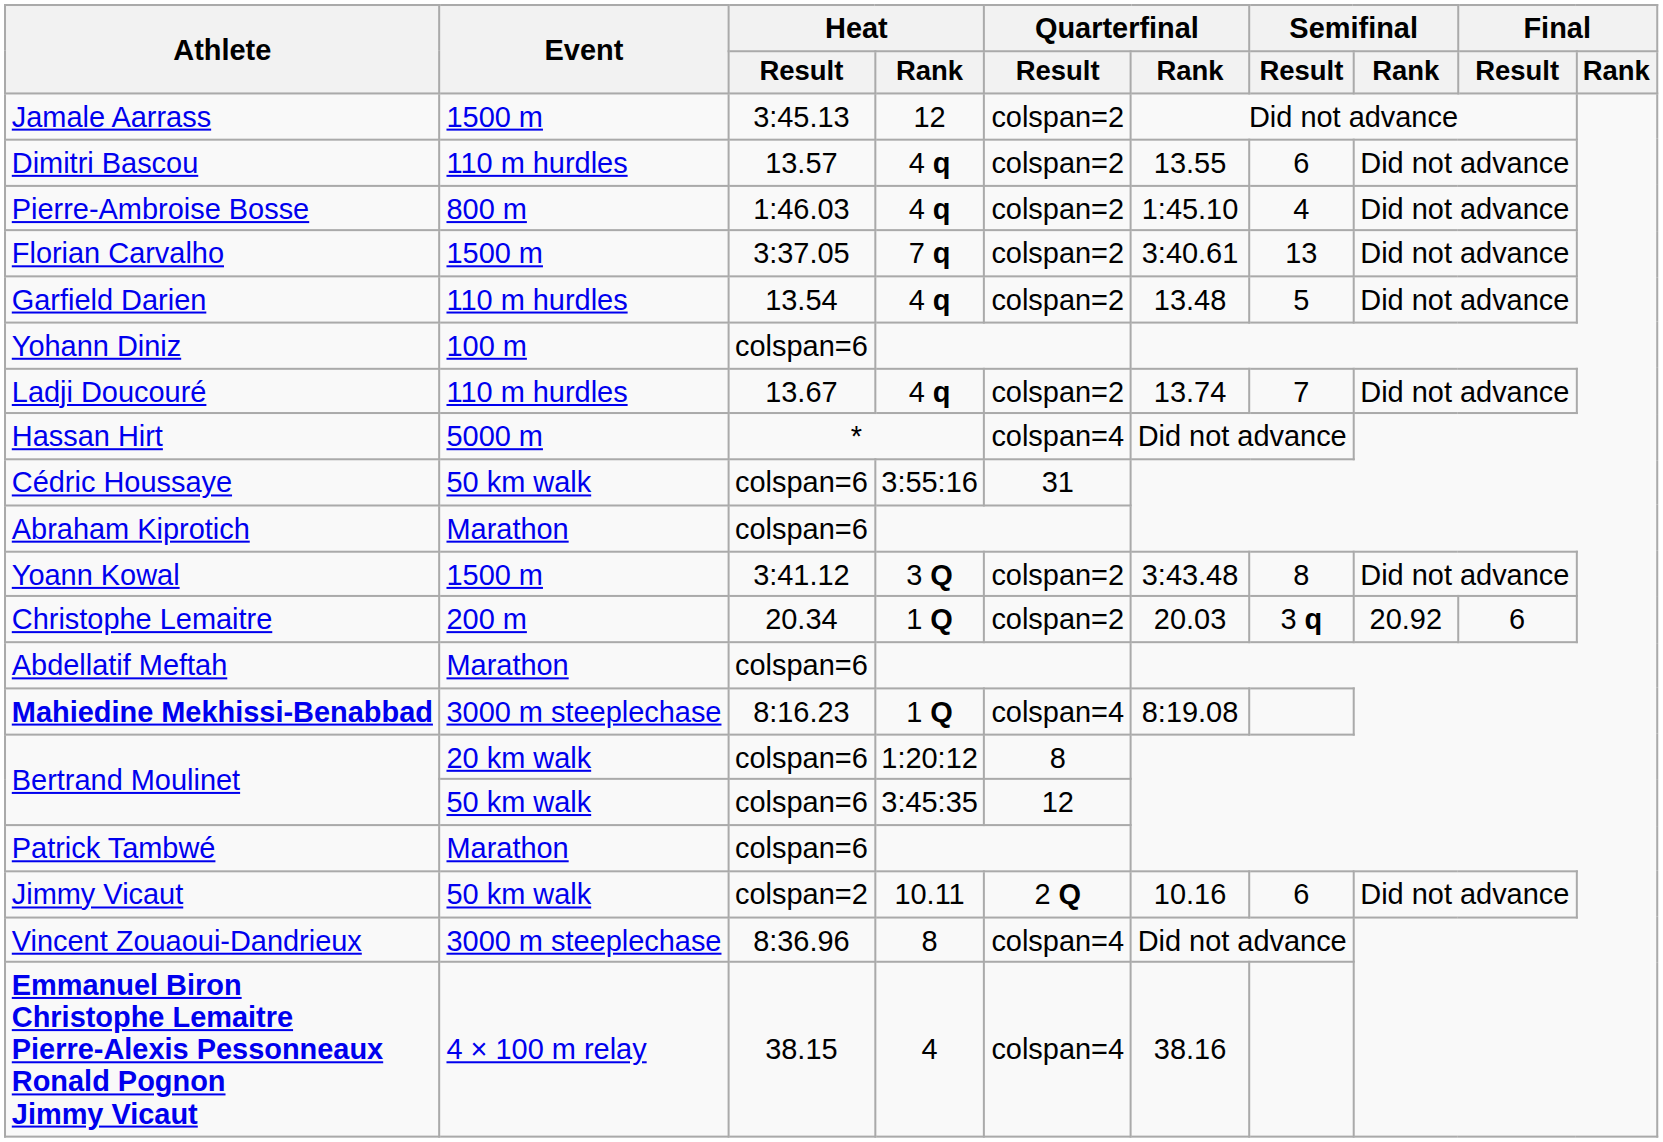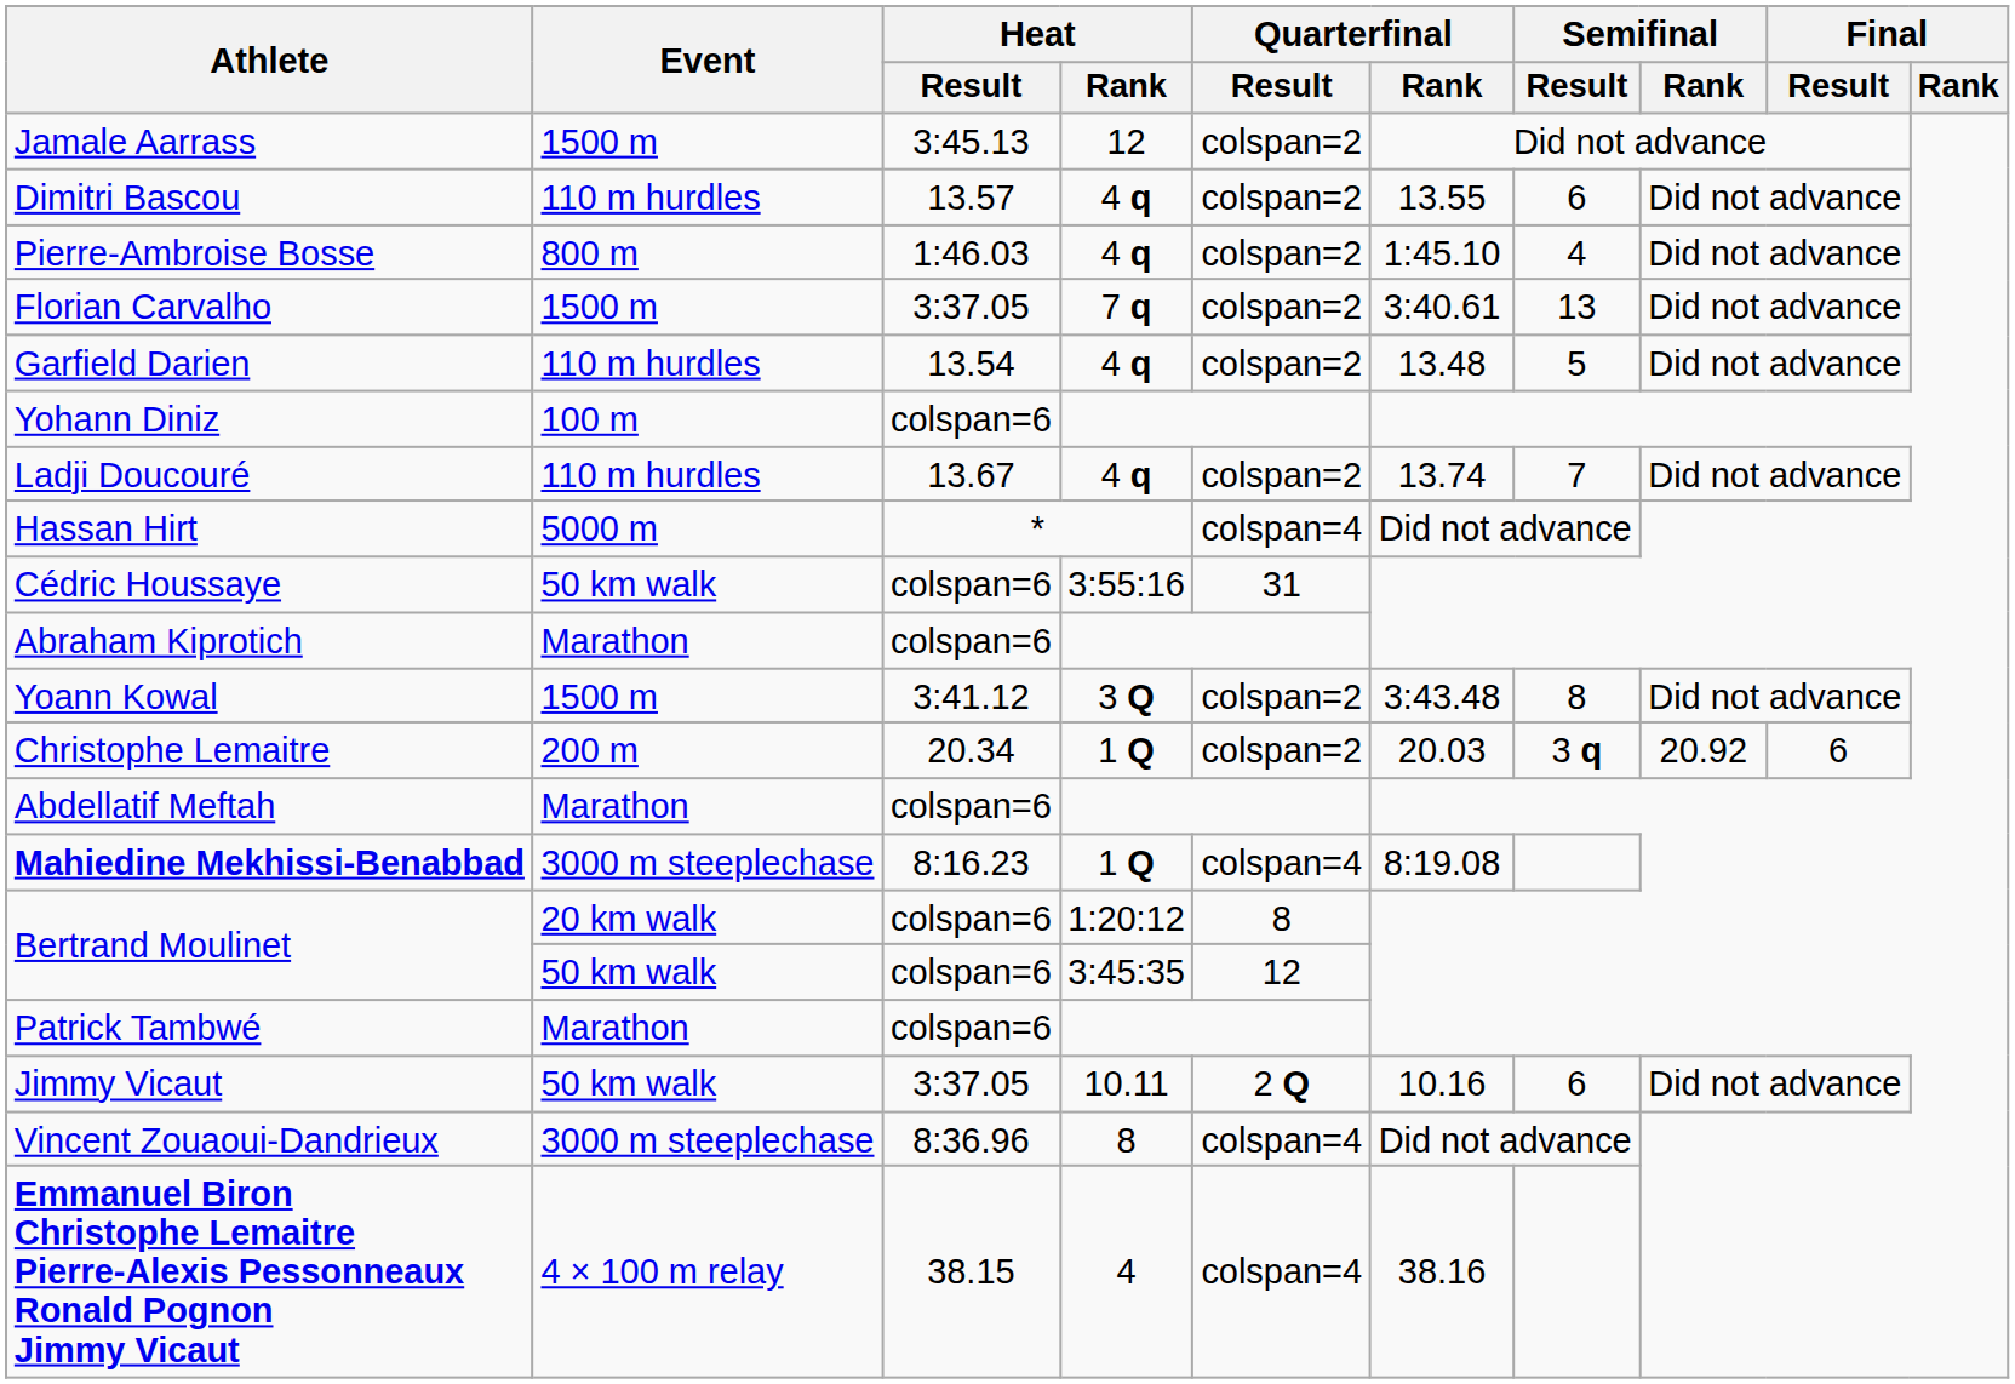 <table class="wikitable" style="font-size:90%">
 <tr>
 <th rowspan="2">Athlete</th>
 <th rowspan="2">Event</th>
 <th colspan="2">Heat</th>
 <th colspan="2">Quarterfinal</th>
 <th colspan="2">Semifinal</th>
 <th colspan="2">Final</th>
 </tr>
 <tr style="font-size:95%">
 <th>Result</th>
 <th>Rank</th>
 <th>Result</th>
 <th>Rank</th>
 <th>Result</th>
 <th>Rank</th>
 <th>Result</th>
 <th>Rank</th>
 </tr>
 <tr align=center>
 <td align=left><a href='#'>Jamale Aarrass</a></td>
 <td align=left><a href='#'>1500 m</a></td>
 <td>3:45.13</td>
 <td>12</td>
 <td>colspan=2 </td>
 <td colspan=4>Did not advance</td>
 </tr>
 <tr align=center>
 <td align=left><a href='#'>Dimitri Bascou</a></td>
 <td align=left><a href='#'>110 m hurdles</a></td>
 <td>13.57</td>
 <td>4 <strong>q</strong></td>
 <td>colspan=2 </td>
 <td>13.55</td>
 <td>6</td>
 <td colspan=2>Did not advance</td>
 </tr>
 <tr align=center>
 <td align=left><a href='#'>Pierre-Ambroise Bosse</a></td>
 <td align=left><a href='#'>800 m</a></td>
 <td>1:46.03</td>
 <td>4 <strong>q</strong></td>
 <td>colspan=2 </td>
 <td>1:45.10</td>
 <td>4</td>
 <td colspan=2>Did not advance</td>
 </tr>
 <tr align=center>
 <td align=left><a href='#'>Florian Carvalho</a></td>
 <td align=left><a href='#'>1500 m</a></td>
 <td>3:37.05</td>
 <td>7 <strong>q</strong></td>
 <td>colspan=2 </td>
 <td>3:40.61</td>
 <td>13</td>
 <td colspan=2>Did not advance</td>
 </tr>
 <tr align=center>
 <td align=left><a href='#'>Garfield Darien</a></td>
 <td align=left><a href='#'>110 m hurdles</a></td>
 <td>13.54</td>
 <td>4 <strong>q</strong></td>
 <td>colspan=2 </td>
 <td>13.48</td>
 <td>5</td>
 <td colspan=2>Did not advance</td>
 </tr>
 <tr align=center>
 <td align=left><a href='#'>Yohann Diniz</a></td>
 <td align=left><a href='#'>100 m</a></td>
 <td>colspan=6 </td>
 <td colspan=2></td>
 </tr>
 <tr align=center>
 <td align=left><a href='#'>Ladji Doucouré</a></td>
 <td align=left><a href='#'>110 m hurdles</a></td>
 <td>13.67</td>
 <td>4 <strong>q</strong></td>
 <td>colspan=2 </td>
 <td>13.74</td>
 <td>7</td>
 <td colspan=2>Did not advance</td>
 </tr>
 <tr align=center>
 <td align=left><a href='#'>Hassan Hirt</a></td>
 <td align=left><a href='#'>5000 m</a></td>
 <td colspan=2>*</td>
 <td>colspan=4 </td>
 <td colspan=2>Did not advance</td>
 </tr>
 <tr align=center>
 <td align=left><a href='#'>Cédric Houssaye</a></td>
 <td align=left><a href='#'>50 km walk</a></td>
 <td>colspan=6 </td>
 <td>3:55:16</td>
 <td>31</td>
 </tr>
 <tr align=center>
 <td align=left><a href='#'>Abraham Kiprotich</a></td>
 <td align=left><a href='#'>Marathon</a></td>
 <td>colspan=6 </td>
 <td colspan=2></td>
 </tr>
 <tr align=center>
 <td align=left><a href='#'>Yoann Kowal</a></td>
 <td align=left><a href='#'>1500 m</a></td>
 <td>3:41.12</td>
 <td>3 <strong>Q</strong></td>
 <td>colspan=2 </td>
 <td>3:43.48</td>
 <td>8</td>
 <td colspan=2>Did not advance</td>
 </tr>
 <tr align=center>
 <td align=left><a href='#'>Christophe Lemaitre</a></td>
 <td align=left><a href='#'>200 m</a></td>
 <td>20.34</td>
 <td>1 <strong>Q</strong></td>
 <td>colspan=2 </td>
 <td>20.03</td>
 <td>3 <strong>q</strong></td>
 <td>20.92</td>
 <td>6</td>
 </tr>
 <tr align=center>
 <td align=left><a href='#'>Abdellatif Meftah</a></td>
 <td align=left><a href='#'>Marathon</a></td>
 <td>colspan=6 </td>
 <td colspan=2></td>
 </tr>
 <tr align=center>
 <td align=left><strong><a href='#'>Mahiedine Mekhissi-Benabbad</a></strong></td>
 <td align=left><a href='#'>3000 m steeplechase</a></td>
 <td>8:16.23</td>
 <td>1 <strong>Q</strong></td>
 <td>colspan=4 </td>
 <td>8:19.08</td>
 <td></td>
 </tr>
 <tr align=center>
 <td align=left rowspan=2><a href='#'>Bertrand Moulinet</a></td>
 <td align=left><a href='#'>20 km walk</a></td>
 <td>colspan=6 </td>
 <td>1:20:12</td>
 <td>8</td>
 </tr>
 <tr align=center>
 <td align=left><a href='#'>50 km walk</a></td>
 <td>colspan=6 </td>
 <td>3:45:35</td>
 <td>12</td>
 </tr>
 <tr align=center>
 <td align=left><a href='#'>Patrick Tambwé</a></td>
 <td align=left><a href='#'>Marathon</a></td>
 <td>colspan=6 </td>
 <td colspan=2></td>
 </tr>
 <tr align=center>
 <td align=left><a href='#'>Jimmy Vicaut</a></td>
 <td align=left><a href='#'>50 km walk</a></td>
-<td>colspan=2 </td>
+<td>3:37.05</td>
 <td>10.11</td>
 <td>2 <strong>Q</strong></td>
 <td>10.16</td>
 <td>6</td>
 <td colspan=2>Did not advance</td>
 </tr>
 <tr align=center>
 <td align=left><a href='#'>Vincent Zouaoui-Dandrieux</a></td>
 <td align=left><a href='#'>3000 m steeplechase</a></td>
 <td>8:36.96</td>
 <td>8</td>
 <td>colspan=4 </td>
 <td colspan=2>Did not advance</td>
 </tr>
 <tr align=center>
 <td align=left><strong><a href='#'>Emmanuel Biron</a><br><a href='#'>Christophe Lemaitre</a><br><a href='#'>Pierre-Alexis Pessonneaux</a><br><a href='#'>Ronald Pognon</a><br><a href='#'>Jimmy Vicaut</a></strong></td>
 <td align=left><a href='#'>4 × 100 m relay</a></td>
 <td>38.15</td>
 <td>4</td>
 <td>colspan=4 </td>
 <td>38.16</td>
 <td></td>
 </tr>
 </table>
